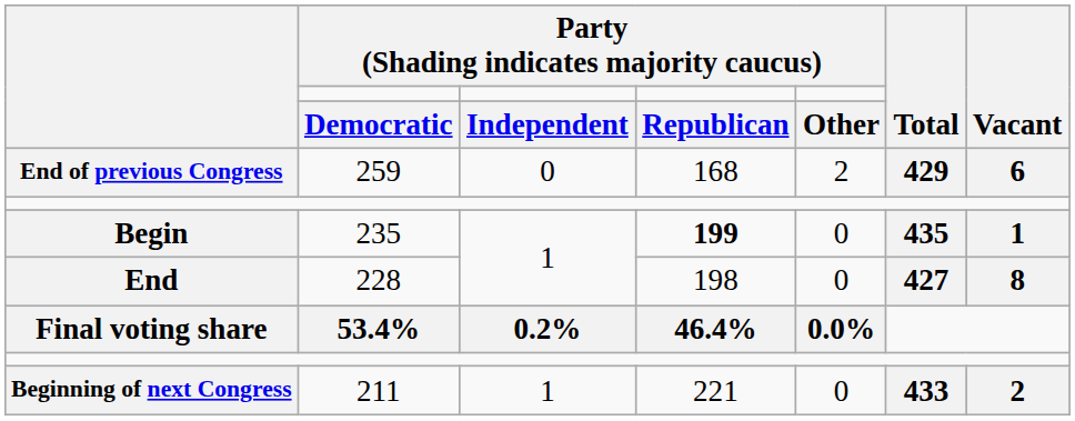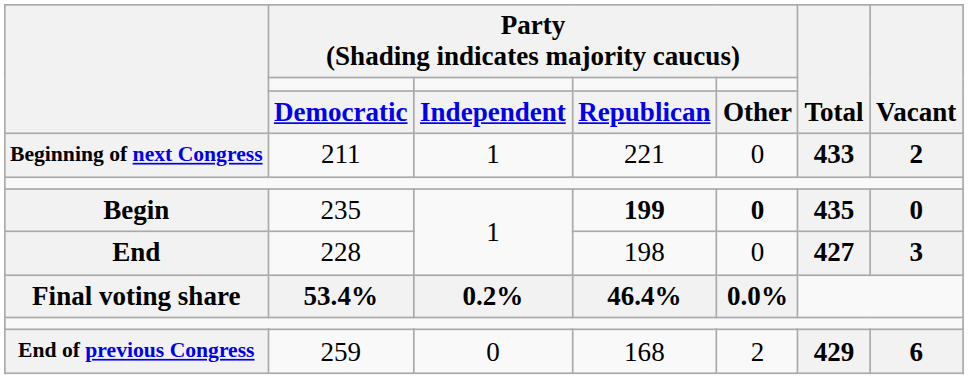 <table class=wikitable style="text-align:center">
 <tr style="vertical-align:bottom;">
 <th rowspan=3></th>
 <th colspan=4>Party <div>(Shading indicates majority caucus)</div></th>
 <th rowspan=3>Total</th>
 <th rowspan=3>Vacant</th>
 </tr>
 <tr style="height:5px">
 <td style="background-color:"></td>
 <td style="background-color:"></td>
 <td style="background-color:"></td>
 </tr>
 <tr>
 <th><a href='#'>Democratic</a></th>
 <th><a href='#'>Independent</a></th>
 <th><a href='#'>Republican</a></th>
 <th>Other</th>
 </tr>
 <tr>
-<th nowrap style="font-size:80%">End of <a href='#'>previous Congress</a></th>
-<td>259</td>
+<th nowrap style="font-size:80%">Beginning of <a href='#'>next Congress</a></th>
+<td>211</td>
+<td>1</td>
+<td>221</td>
 <td>0</td>
-<td>168</td>
-<td>2</td>
-<th>429</th>
-<th>6</th>
+<th>433</th>
+<th>2</th>
 </tr>
 <tr>
 <td colspan=7></td>
 </tr>
 <tr>
 <th nowrap>Begin</th>
 <td>235</td>
 <td rowspan=2>1</td>
 <td><strong>199</strong></td>
-<td>0</td>
+<td><strong>0</strong></td>
 <th>435</th>
-<th>1</th>
+<th>0</th>
 </tr>
 <tr>
 <th nowrap>End</th>
 <td>228</td>
 <td>198</td>
 <td>0</td>
 <th>427</th>
-<th>8</th>
+<th>3</th>
 </tr>
 <tr>
 <th>Final voting share</th>
 <th>53.4% </th>
 <th>0.2% </th>
 <th>46.4% </th>
 <th>0.0% </th>
 <td colspan=2></td>
 </tr>
 <tr>
 <td colspan=7></td>
 </tr>
 <tr>
-<th nowrap style="font-size:80%">Beginning of <a href='#'>next Congress</a></th>
-<td>211</td>
-<td>1</td>
-<td>221</td>
+<th nowrap style="font-size:80%">End of <a href='#'>previous Congress</a></th>
+<td>259</td>
 <td>0</td>
-<th>433</th>
-<th>2</th>
+<td>168</td>
+<td>2</td>
+<th>429</th>
+<th>6</th>
 </tr>
 </table>
